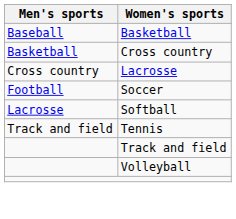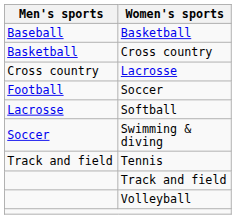 <table class="wikitable" style=" ">
 <tr>
 <th width=120px>Men's sports</th>
 <th width=120px>Women's sports</th>
 </tr>
 <tr>
 <td><a href='#'>Baseball</a></td>
 <td><a href='#'>Basketball</a></td>
 </tr>
 <tr>
 <td><a href='#'>Basketball</a></td>
 <td>Cross country</td>
 </tr>
 <tr>
 <td>Cross country</td>
 <td><a href='#'>Lacrosse</a></td>
 </tr>
 <tr>
 <td><a href='#'>Football</a></td>
 <td>Soccer</td>
 </tr>
 <tr>
 <td><a href='#'>Lacrosse</a></td>
 <td>Softball</td>
 </tr>
 <tr>
+<td><a href='#'>Soccer</a></td>
+<td>Swimming & diving</td>
+</tr>
+<tr>
 <td>Track and field</td>
 <td>Tennis</td>
 </tr>
 <tr>
 <td></td>
 <td>Track and field</td>
 </tr>
 <tr>
 <td></td>
 <td>Volleyball</td>
 </tr>
 <tr>
 <td colspan="2"></td>
 </tr>
 </table>
